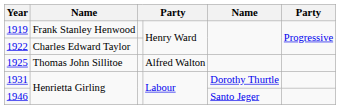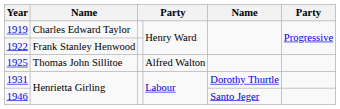 <table class="wikitable">
 <tr>
 <th>Year</th>
 <th>Name</th>
 <th colspan=2>Party</th>
 <th>Name</th>
 <th colspan=2>Party</th>
 </tr>
 <tr>
 <td><a href='#'>1919</a></td>
-<td>Frank Stanley Henwood</td>
+<td>Charles Edward Taylor</td>
 <td></td>
 <td rowspan=2>Henry Ward</td>
 <td rowspan=2 style="background-color: "></td>
 <td rowspan=2><a href='#'>Progressive</a></td>
 </tr>
 <tr>
 <td><a href='#'>1922</a></td>
-<td>Charles Edward Taylor</td>
+<td>Frank Stanley Henwood</td>
 <td></td>
 </tr>
 <tr>
 <td><a href='#'>1925</a></td>
 <td>Thomas John Sillitoe</td>
 <td></td>
 <td>Alfred Walton</td>
 <td></td>
 </tr>
 <tr>
 <td><a href='#'>1931</a></td>
 <td rowspan=2>Henrietta Girling</td>
 <td rowspan=2 style="background-color: "></td>
 <td rowspan=2><a href='#'>Labour</a></td>
 <td><a href='#'>Dorothy Thurtle</a></td>
 <td></td>
 </tr>
 <tr>
 <td><a href='#'>1946</a></td>
 <td><a href='#'>Santo Jeger</a></td>
 <td></td>
 </tr>
 </table>
